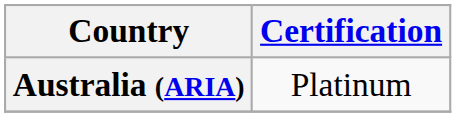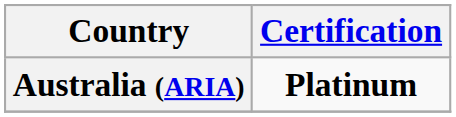 <table class="wikitable plainrowheaders">
 <tr>
 <th scope="col">Country</th>
 <th scope="col"><a href='#'>Certification</a></th>
 </tr>
 <tr>
 <th scope="row">Australia <small>(<a href='#'>ARIA</a>)</small></th>
-<td style="text-align:center;">Platinum</td>
+<td style="text-align:center;"><strong>Platinum</strong></td>
 </tr>
 <tr>
 </tr>
 </table>
